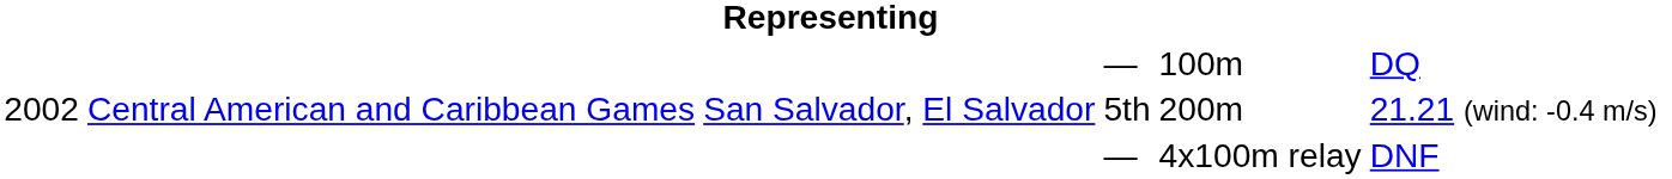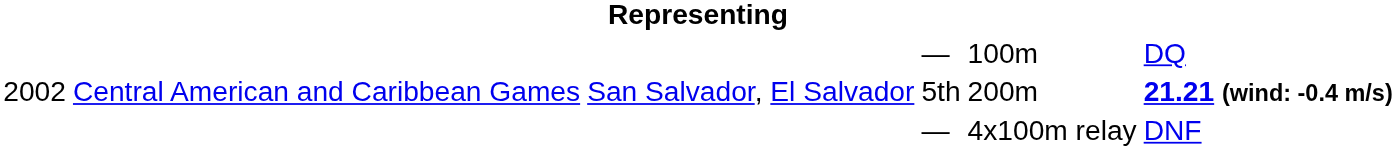 <table>
 <tr>
 <th colspan="6">Representing </th>
 </tr>
 <tr>
 <td rowspan=3>2002</td>
 <td rowspan=3><a href='#'>Central American and Caribbean Games</a></td>
 <td rowspan=3><a href='#'>San Salvador</a>, <a href='#'>El Salvador</a></td>
 <td>—</td>
 <td>100m</td>
 <td><a href='#'>DQ</a></td>
 </tr>
 <tr>
 <td>5th</td>
 <td>200m</td>
-<td><a href='#'>21.21</a> <small>(wind: -0.4 m/s)</small></td>
+<td><strong><a href='#'>21.21</a> <small>(wind: -0.4 m/s)</small></strong></td>
 </tr>
 <tr>
 <td>—</td>
 <td>4x100m relay</td>
 <td><a href='#'>DNF</a></td>
 </tr>
 </table>
